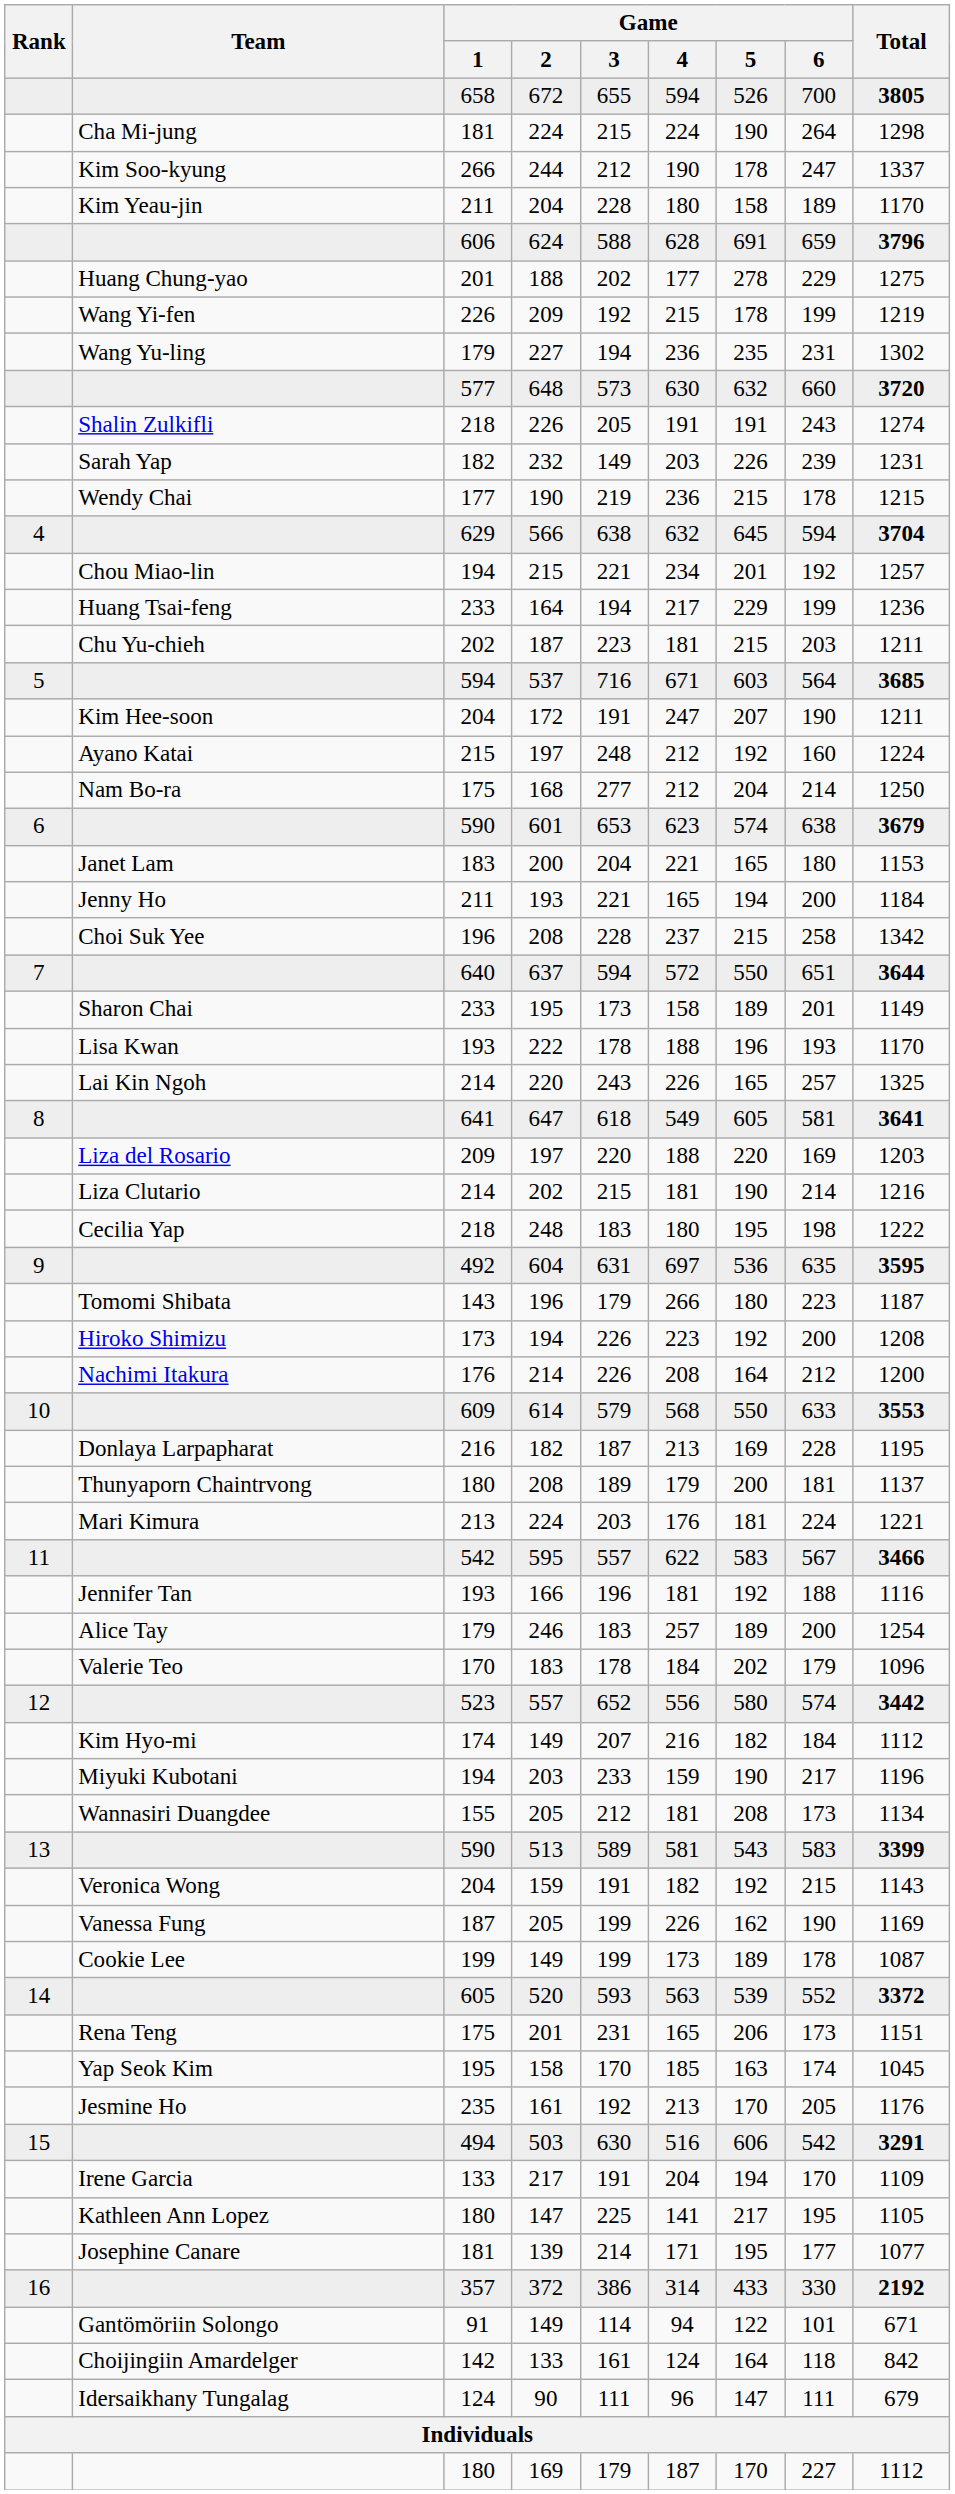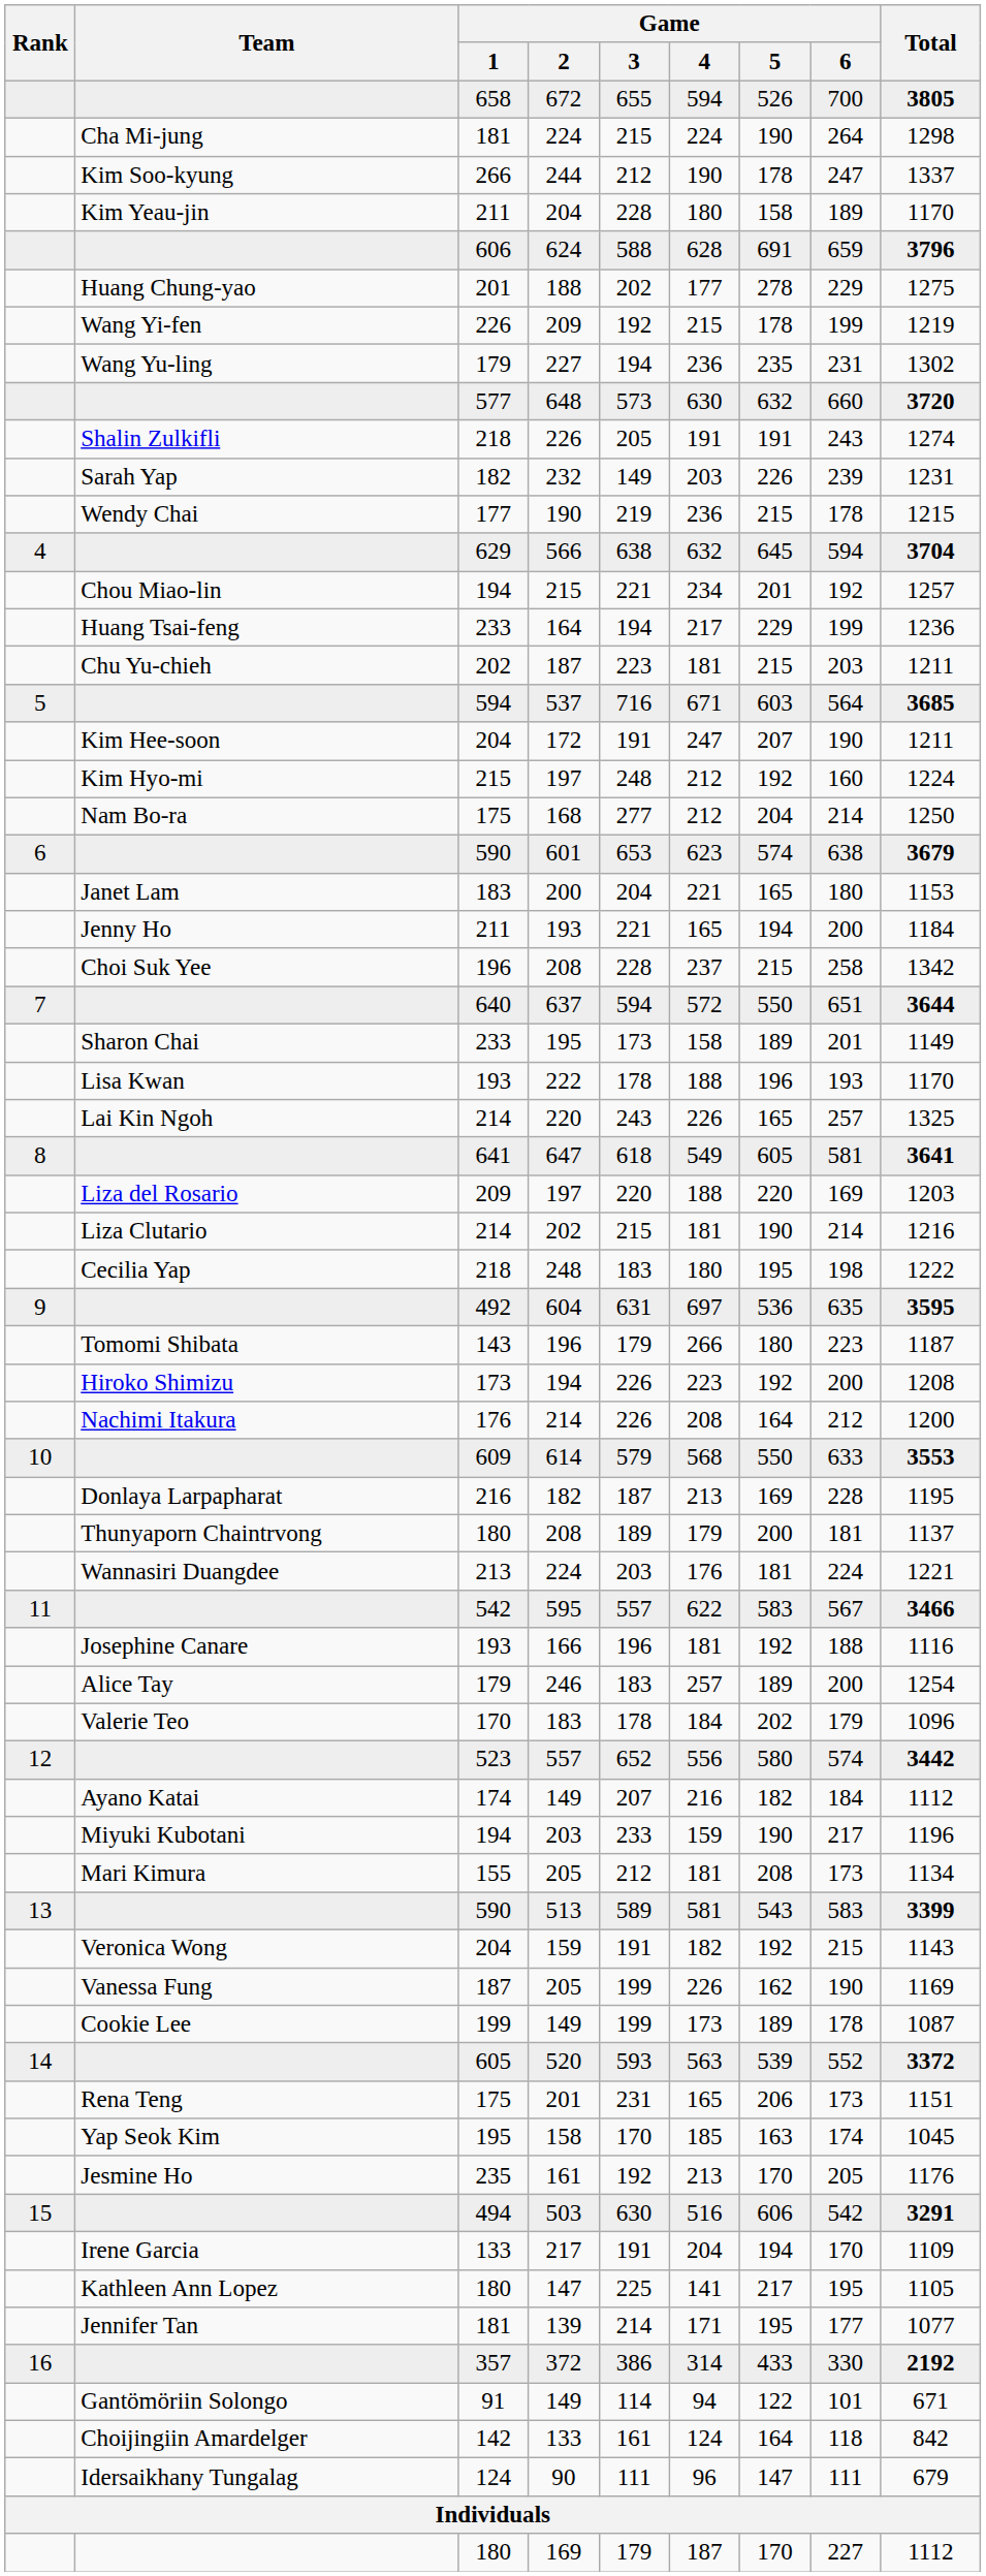 <table class=wikitable style="text-align:center">
 <tr>
 <th rowspan="2" width=40>Rank</th>
 <th rowspan="2" width=250>Team</th>
 <th colspan="6">Game</th>
 <th rowspan="2" width=60>Total</th>
 </tr>
 <tr>
 <th width=40>1</th>
 <th width=40>2</th>
 <th width=40>3</th>
 <th width=40>4</th>
 <th width=40>5</th>
 <th width=40>6</th>
 </tr>
 <tr bgcolor=eeeeee>
 <td></td>
 <td align="left"></td>
 <td>658</td>
 <td>672</td>
 <td>655</td>
 <td>594</td>
 <td>526</td>
 <td>700</td>
 <td><strong>3805</strong></td>
 </tr>
 <tr>
 <td></td>
 <td align=left>Cha Mi-jung</td>
 <td>181</td>
 <td>224</td>
 <td>215</td>
 <td>224</td>
 <td>190</td>
 <td>264</td>
 <td>1298</td>
 </tr>
 <tr>
 <td></td>
 <td align=left>Kim Soo-kyung</td>
 <td>266</td>
 <td>244</td>
 <td>212</td>
 <td>190</td>
 <td>178</td>
 <td>247</td>
 <td>1337</td>
 </tr>
 <tr>
 <td></td>
 <td align=left>Kim Yeau-jin</td>
 <td>211</td>
 <td>204</td>
 <td>228</td>
 <td>180</td>
 <td>158</td>
 <td>189</td>
 <td>1170</td>
 </tr>
 <tr bgcolor=eeeeee>
 <td></td>
 <td align="left"></td>
 <td>606</td>
 <td>624</td>
 <td>588</td>
 <td>628</td>
 <td>691</td>
 <td>659</td>
 <td><strong>3796</strong></td>
 </tr>
 <tr>
 <td></td>
 <td align=left>Huang Chung-yao</td>
 <td>201</td>
 <td>188</td>
 <td>202</td>
 <td>177</td>
 <td>278</td>
 <td>229</td>
 <td>1275</td>
 </tr>
 <tr>
 <td></td>
 <td align=left>Wang Yi-fen</td>
 <td>226</td>
 <td>209</td>
 <td>192</td>
 <td>215</td>
 <td>178</td>
 <td>199</td>
 <td>1219</td>
 </tr>
 <tr>
 <td></td>
 <td align=left>Wang Yu-ling</td>
 <td>179</td>
 <td>227</td>
 <td>194</td>
 <td>236</td>
 <td>235</td>
 <td>231</td>
 <td>1302</td>
 </tr>
 <tr bgcolor=eeeeee>
 <td></td>
 <td align="left"></td>
 <td>577</td>
 <td>648</td>
 <td>573</td>
 <td>630</td>
 <td>632</td>
 <td>660</td>
 <td><strong>3720</strong></td>
 </tr>
 <tr>
 <td></td>
 <td align=left><a href='#'>Shalin Zulkifli</a></td>
 <td>218</td>
 <td>226</td>
 <td>205</td>
 <td>191</td>
 <td>191</td>
 <td>243</td>
 <td>1274</td>
 </tr>
 <tr>
 <td></td>
 <td align=left>Sarah Yap</td>
 <td>182</td>
 <td>232</td>
 <td>149</td>
 <td>203</td>
 <td>226</td>
 <td>239</td>
 <td>1231</td>
 </tr>
 <tr>
 <td></td>
 <td align=left>Wendy Chai</td>
 <td>177</td>
 <td>190</td>
 <td>219</td>
 <td>236</td>
 <td>215</td>
 <td>178</td>
 <td>1215</td>
 </tr>
 <tr bgcolor=eeeeee>
 <td>4</td>
 <td align="left"></td>
 <td>629</td>
 <td>566</td>
 <td>638</td>
 <td>632</td>
 <td>645</td>
 <td>594</td>
 <td><strong>3704</strong></td>
 </tr>
 <tr>
 <td></td>
 <td align=left>Chou Miao-lin</td>
 <td>194</td>
 <td>215</td>
 <td>221</td>
 <td>234</td>
 <td>201</td>
 <td>192</td>
 <td>1257</td>
 </tr>
 <tr>
 <td></td>
 <td align=left>Huang Tsai-feng</td>
 <td>233</td>
 <td>164</td>
 <td>194</td>
 <td>217</td>
 <td>229</td>
 <td>199</td>
 <td>1236</td>
 </tr>
 <tr>
 <td></td>
 <td align=left>Chu Yu-chieh</td>
 <td>202</td>
 <td>187</td>
 <td>223</td>
 <td>181</td>
 <td>215</td>
 <td>203</td>
 <td>1211</td>
 </tr>
 <tr bgcolor=eeeeee>
 <td>5</td>
 <td align="left"></td>
 <td>594</td>
 <td>537</td>
 <td>716</td>
 <td>671</td>
 <td>603</td>
 <td>564</td>
 <td><strong>3685</strong></td>
 </tr>
 <tr>
 <td></td>
 <td align=left>Kim Hee-soon</td>
 <td>204</td>
 <td>172</td>
 <td>191</td>
 <td>247</td>
 <td>207</td>
 <td>190</td>
 <td>1211</td>
 </tr>
 <tr>
 <td></td>
-<td align=left>Ayano Katai</td>
+<td align=left>Kim Hyo-mi</td>
 <td>215</td>
 <td>197</td>
 <td>248</td>
 <td>212</td>
 <td>192</td>
 <td>160</td>
 <td>1224</td>
 </tr>
 <tr>
 <td></td>
 <td align=left>Nam Bo-ra</td>
 <td>175</td>
 <td>168</td>
 <td>277</td>
 <td>212</td>
 <td>204</td>
 <td>214</td>
 <td>1250</td>
 </tr>
 <tr bgcolor=eeeeee>
 <td>6</td>
 <td align="left"></td>
 <td>590</td>
 <td>601</td>
 <td>653</td>
 <td>623</td>
 <td>574</td>
 <td>638</td>
 <td><strong>3679</strong></td>
 </tr>
 <tr>
 <td></td>
 <td align=left>Janet Lam</td>
 <td>183</td>
 <td>200</td>
 <td>204</td>
 <td>221</td>
 <td>165</td>
 <td>180</td>
 <td>1153</td>
 </tr>
 <tr>
 <td></td>
 <td align=left>Jenny Ho</td>
 <td>211</td>
 <td>193</td>
 <td>221</td>
 <td>165</td>
 <td>194</td>
 <td>200</td>
 <td>1184</td>
 </tr>
 <tr>
 <td></td>
 <td align=left>Choi Suk Yee</td>
 <td>196</td>
 <td>208</td>
 <td>228</td>
 <td>237</td>
 <td>215</td>
 <td>258</td>
 <td>1342</td>
 </tr>
 <tr bgcolor=eeeeee>
 <td>7</td>
 <td align="left"></td>
 <td>640</td>
 <td>637</td>
 <td>594</td>
 <td>572</td>
 <td>550</td>
 <td>651</td>
 <td><strong>3644</strong></td>
 </tr>
 <tr>
 <td></td>
 <td align=left>Sharon Chai</td>
 <td>233</td>
 <td>195</td>
 <td>173</td>
 <td>158</td>
 <td>189</td>
 <td>201</td>
 <td>1149</td>
 </tr>
 <tr>
 <td></td>
 <td align=left>Lisa Kwan</td>
 <td>193</td>
 <td>222</td>
 <td>178</td>
 <td>188</td>
 <td>196</td>
 <td>193</td>
 <td>1170</td>
 </tr>
 <tr>
 <td></td>
 <td align=left>Lai Kin Ngoh</td>
 <td>214</td>
 <td>220</td>
 <td>243</td>
 <td>226</td>
 <td>165</td>
 <td>257</td>
 <td>1325</td>
 </tr>
 <tr bgcolor=eeeeee>
 <td>8</td>
 <td align="left"></td>
 <td>641</td>
 <td>647</td>
 <td>618</td>
 <td>549</td>
 <td>605</td>
 <td>581</td>
 <td><strong>3641</strong></td>
 </tr>
 <tr>
 <td></td>
 <td align=left><a href='#'>Liza del Rosario</a></td>
 <td>209</td>
 <td>197</td>
 <td>220</td>
 <td>188</td>
 <td>220</td>
 <td>169</td>
 <td>1203</td>
 </tr>
 <tr>
 <td></td>
 <td align=left>Liza Clutario</td>
 <td>214</td>
 <td>202</td>
 <td>215</td>
 <td>181</td>
 <td>190</td>
 <td>214</td>
 <td>1216</td>
 </tr>
 <tr>
 <td></td>
 <td align=left>Cecilia Yap</td>
 <td>218</td>
 <td>248</td>
 <td>183</td>
 <td>180</td>
 <td>195</td>
 <td>198</td>
 <td>1222</td>
 </tr>
 <tr bgcolor=eeeeee>
 <td>9</td>
 <td align="left"></td>
 <td>492</td>
 <td>604</td>
 <td>631</td>
 <td>697</td>
 <td>536</td>
 <td>635</td>
 <td><strong>3595</strong></td>
 </tr>
 <tr>
 <td></td>
 <td align=left>Tomomi Shibata</td>
 <td>143</td>
 <td>196</td>
 <td>179</td>
 <td>266</td>
 <td>180</td>
 <td>223</td>
 <td>1187</td>
 </tr>
 <tr>
 <td></td>
 <td align=left><a href='#'>Hiroko Shimizu</a></td>
 <td>173</td>
 <td>194</td>
 <td>226</td>
 <td>223</td>
 <td>192</td>
 <td>200</td>
 <td>1208</td>
 </tr>
 <tr>
 <td></td>
 <td align=left><a href='#'>Nachimi Itakura</a></td>
 <td>176</td>
 <td>214</td>
 <td>226</td>
 <td>208</td>
 <td>164</td>
 <td>212</td>
 <td>1200</td>
 </tr>
 <tr bgcolor=eeeeee>
 <td>10</td>
 <td align="left"></td>
 <td>609</td>
 <td>614</td>
 <td>579</td>
 <td>568</td>
 <td>550</td>
 <td>633</td>
 <td><strong>3553</strong></td>
 </tr>
 <tr>
 <td></td>
 <td align=left>Donlaya Larpapharat</td>
 <td>216</td>
 <td>182</td>
 <td>187</td>
 <td>213</td>
 <td>169</td>
 <td>228</td>
 <td>1195</td>
 </tr>
 <tr>
 <td></td>
 <td align=left>Thunyaporn Chaintrvong</td>
 <td>180</td>
 <td>208</td>
 <td>189</td>
 <td>179</td>
 <td>200</td>
 <td>181</td>
 <td>1137</td>
 </tr>
 <tr>
 <td></td>
-<td align=left>Mari Kimura</td>
+<td align=left>Wannasiri Duangdee</td>
 <td>213</td>
 <td>224</td>
 <td>203</td>
 <td>176</td>
 <td>181</td>
 <td>224</td>
 <td>1221</td>
 </tr>
 <tr bgcolor=eeeeee>
 <td>11</td>
 <td align="left"></td>
 <td>542</td>
 <td>595</td>
 <td>557</td>
 <td>622</td>
 <td>583</td>
 <td>567</td>
 <td><strong>3466</strong></td>
 </tr>
 <tr>
 <td></td>
-<td align=left>Jennifer Tan</td>
+<td align=left>Josephine Canare</td>
 <td>193</td>
 <td>166</td>
 <td>196</td>
 <td>181</td>
 <td>192</td>
 <td>188</td>
 <td>1116</td>
 </tr>
 <tr>
 <td></td>
 <td align=left>Alice Tay</td>
 <td>179</td>
 <td>246</td>
 <td>183</td>
 <td>257</td>
 <td>189</td>
 <td>200</td>
 <td>1254</td>
 </tr>
 <tr>
 <td></td>
 <td align=left>Valerie Teo</td>
 <td>170</td>
 <td>183</td>
 <td>178</td>
 <td>184</td>
 <td>202</td>
 <td>179</td>
 <td>1096</td>
 </tr>
 <tr bgcolor=eeeeee>
 <td>12</td>
 <td align="left"></td>
 <td>523</td>
 <td>557</td>
 <td>652</td>
 <td>556</td>
 <td>580</td>
 <td>574</td>
 <td><strong>3442</strong></td>
 </tr>
 <tr>
 <td></td>
-<td align=left>Kim Hyo-mi</td>
+<td align=left>Ayano Katai</td>
 <td>174</td>
 <td>149</td>
 <td>207</td>
 <td>216</td>
 <td>182</td>
 <td>184</td>
 <td>1112</td>
 </tr>
 <tr>
 <td></td>
 <td align=left>Miyuki Kubotani</td>
 <td>194</td>
 <td>203</td>
 <td>233</td>
 <td>159</td>
 <td>190</td>
 <td>217</td>
 <td>1196</td>
 </tr>
 <tr>
 <td></td>
-<td align=left>Wannasiri Duangdee</td>
+<td align=left>Mari Kimura</td>
 <td>155</td>
 <td>205</td>
 <td>212</td>
 <td>181</td>
 <td>208</td>
 <td>173</td>
 <td>1134</td>
 </tr>
 <tr bgcolor=eeeeee>
 <td>13</td>
 <td align="left"></td>
 <td>590</td>
 <td>513</td>
 <td>589</td>
 <td>581</td>
 <td>543</td>
 <td>583</td>
 <td><strong>3399</strong></td>
 </tr>
 <tr>
 <td></td>
 <td align=left>Veronica Wong</td>
 <td>204</td>
 <td>159</td>
 <td>191</td>
 <td>182</td>
 <td>192</td>
 <td>215</td>
 <td>1143</td>
 </tr>
 <tr>
 <td></td>
 <td align=left>Vanessa Fung</td>
 <td>187</td>
 <td>205</td>
 <td>199</td>
 <td>226</td>
 <td>162</td>
 <td>190</td>
 <td>1169</td>
 </tr>
 <tr>
 <td></td>
 <td align=left>Cookie Lee</td>
 <td>199</td>
 <td>149</td>
 <td>199</td>
 <td>173</td>
 <td>189</td>
 <td>178</td>
 <td>1087</td>
 </tr>
 <tr bgcolor=eeeeee>
 <td>14</td>
 <td align="left"></td>
 <td>605</td>
 <td>520</td>
 <td>593</td>
 <td>563</td>
 <td>539</td>
 <td>552</td>
 <td><strong>3372</strong></td>
 </tr>
 <tr>
 <td></td>
 <td align=left>Rena Teng</td>
 <td>175</td>
 <td>201</td>
 <td>231</td>
 <td>165</td>
 <td>206</td>
 <td>173</td>
 <td>1151</td>
 </tr>
 <tr>
 <td></td>
 <td align=left>Yap Seok Kim</td>
 <td>195</td>
 <td>158</td>
 <td>170</td>
 <td>185</td>
 <td>163</td>
 <td>174</td>
 <td>1045</td>
 </tr>
 <tr>
 <td></td>
 <td align=left>Jesmine Ho</td>
 <td>235</td>
 <td>161</td>
 <td>192</td>
 <td>213</td>
 <td>170</td>
 <td>205</td>
 <td>1176</td>
 </tr>
 <tr bgcolor=eeeeee>
 <td>15</td>
 <td align="left"></td>
 <td>494</td>
 <td>503</td>
 <td>630</td>
 <td>516</td>
 <td>606</td>
 <td>542</td>
 <td><strong>3291</strong></td>
 </tr>
 <tr>
 <td></td>
 <td align=left>Irene Garcia</td>
 <td>133</td>
 <td>217</td>
 <td>191</td>
 <td>204</td>
 <td>194</td>
 <td>170</td>
 <td>1109</td>
 </tr>
 <tr>
 <td></td>
 <td align=left>Kathleen Ann Lopez</td>
 <td>180</td>
 <td>147</td>
 <td>225</td>
 <td>141</td>
 <td>217</td>
 <td>195</td>
 <td>1105</td>
 </tr>
 <tr>
 <td></td>
-<td align=left>Josephine Canare</td>
+<td align=left>Jennifer Tan</td>
 <td>181</td>
 <td>139</td>
 <td>214</td>
 <td>171</td>
 <td>195</td>
 <td>177</td>
 <td>1077</td>
 </tr>
 <tr bgcolor=eeeeee>
 <td>16</td>
 <td align="left"></td>
 <td>357</td>
 <td>372</td>
 <td>386</td>
 <td>314</td>
 <td>433</td>
 <td>330</td>
 <td><strong>2192</strong></td>
 </tr>
 <tr>
 <td></td>
 <td align=left>Gantömöriin Solongo</td>
 <td>91</td>
 <td>149</td>
 <td>114</td>
 <td>94</td>
 <td>122</td>
 <td>101</td>
 <td>671</td>
 </tr>
 <tr>
 <td></td>
 <td align=left>Choijingiin Amardelger</td>
 <td>142</td>
 <td>133</td>
 <td>161</td>
 <td>124</td>
 <td>164</td>
 <td>118</td>
 <td>842</td>
 </tr>
 <tr>
 <td></td>
 <td align=left>Idersaikhany Tungalag</td>
 <td>124</td>
 <td>90</td>
 <td>111</td>
 <td>96</td>
 <td>147</td>
 <td>111</td>
 <td>679</td>
 </tr>
 <tr>
 <th colspan="9">Individuals</th>
 </tr>
 <tr>
 <td></td>
 <td align="left"></td>
 <td>180</td>
 <td>169</td>
 <td>179</td>
 <td>187</td>
 <td>170</td>
 <td>227</td>
 <td>1112</td>
 </tr>
 </table>
